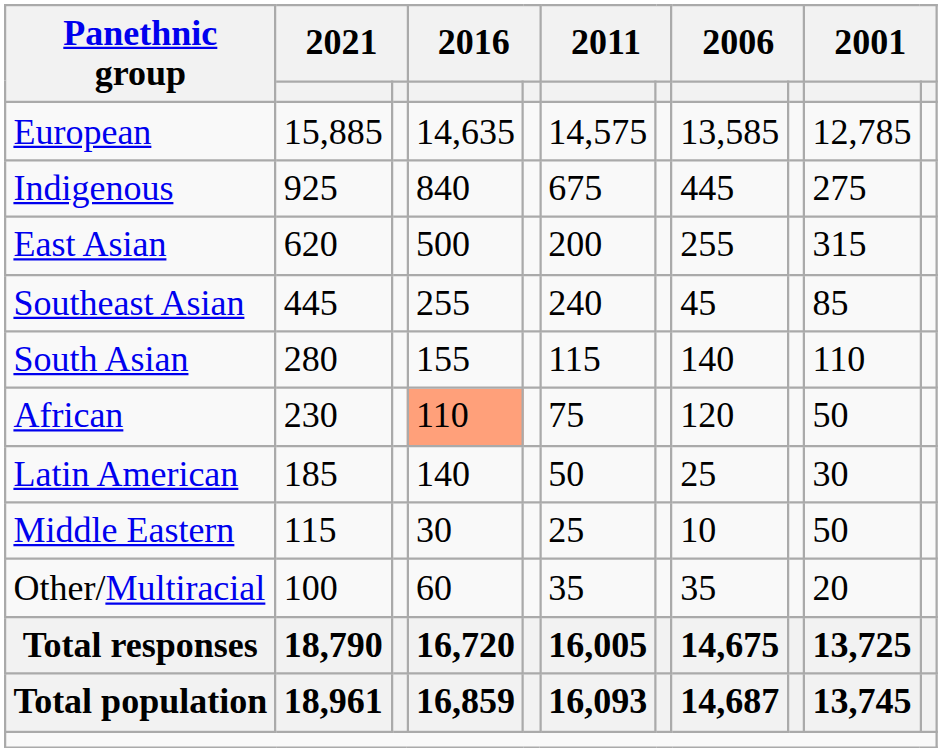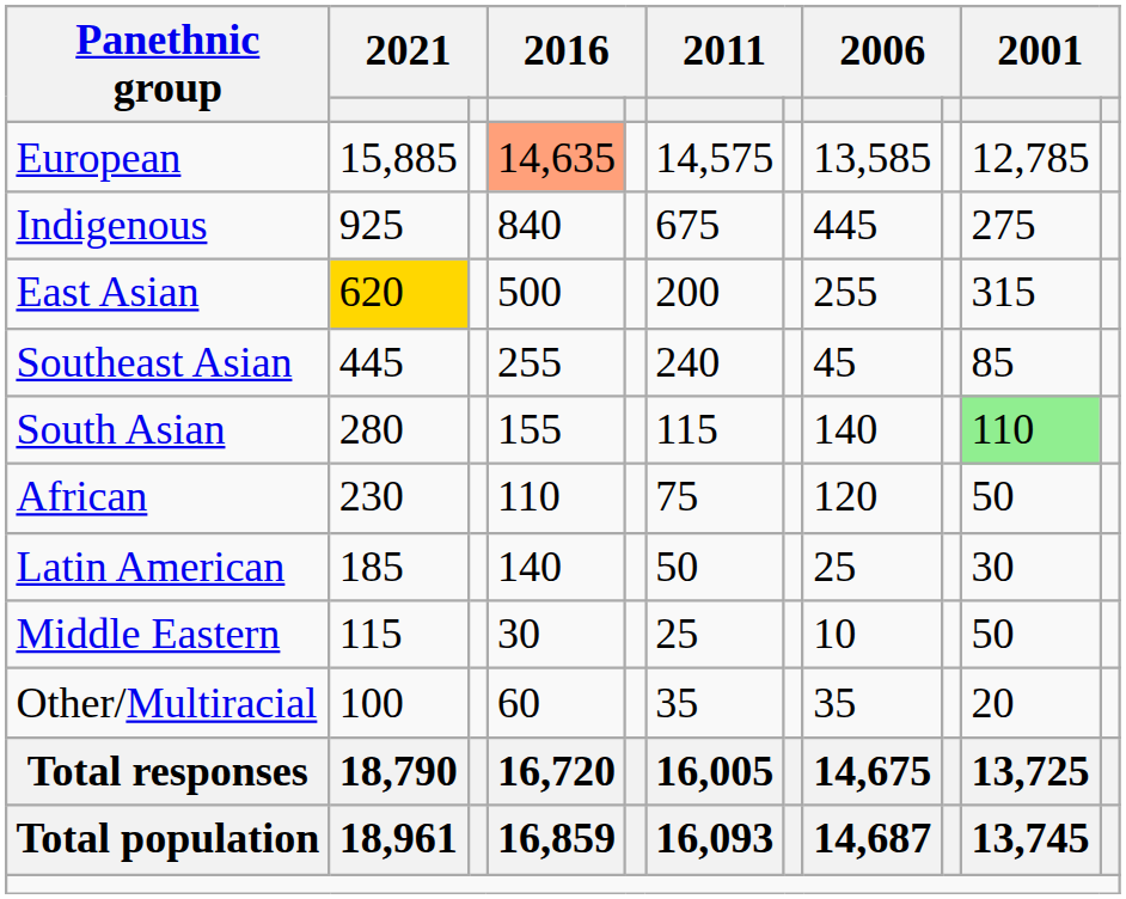 <table class="wikitable collapsible sortable">
 <tr>
 <th rowspan="2"><a href='#'>Panethnic</a><br>group</th>
 <th colspan="2">2021</th>
 <th colspan="2">2016</th>
 <th colspan="2">2011</th>
 <th colspan="2">2006</th>
 <th colspan="2">2001</th>
 </tr>
 <tr>
 <th><a href='#'></a></th>
 <th></th>
 <th></th>
 <th></th>
 <th></th>
 <th></th>
 <th></th>
 <th></th>
 <th></th>
 <th></th>
 </tr>
 <tr>
 <td><a href='#'>European</a></td>
 <td>15,885</td>
 <td></td>
-<td>14,635</td>
+<td style="background: lightsalmon;">14,635</td>
 <td></td>
 <td>14,575</td>
 <td></td>
 <td>13,585</td>
 <td></td>
 <td>12,785</td>
 <td></td>
 </tr>
 <tr>
 <td><a href='#'>Indigenous</a></td>
 <td>925</td>
 <td></td>
 <td>840</td>
 <td></td>
 <td>675</td>
 <td></td>
 <td>445</td>
 <td></td>
 <td>275</td>
 <td></td>
 </tr>
 <tr>
 <td><a href='#'>East Asian</a></td>
-<td>620</td>
+<td style="background: gold;">620</td>
 <td></td>
 <td>500</td>
 <td></td>
 <td>200</td>
 <td></td>
 <td>255</td>
 <td></td>
 <td>315</td>
 <td></td>
 </tr>
 <tr>
 <td><a href='#'>Southeast Asian</a></td>
 <td>445</td>
 <td></td>
 <td>255</td>
 <td></td>
 <td>240</td>
 <td></td>
 <td>45</td>
 <td></td>
 <td>85</td>
 <td></td>
 </tr>
 <tr>
 <td><a href='#'>South Asian</a></td>
 <td>280</td>
 <td></td>
 <td>155</td>
 <td></td>
 <td>115</td>
 <td></td>
 <td>140</td>
 <td></td>
-<td>110</td>
+<td style="background: lightgreen;">110</td>
 <td></td>
 </tr>
 <tr>
 <td><a href='#'>African</a></td>
 <td>230</td>
 <td></td>
-<td style="background: lightsalmon;">110</td>
+<td>110</td>
 <td></td>
 <td>75</td>
 <td></td>
 <td>120</td>
 <td></td>
 <td>50</td>
 <td></td>
 </tr>
 <tr>
 <td><a href='#'>Latin American</a></td>
 <td>185</td>
 <td></td>
 <td>140</td>
 <td></td>
 <td>50</td>
 <td></td>
 <td>25</td>
 <td></td>
 <td>30</td>
 <td></td>
 </tr>
 <tr>
 <td><a href='#'>Middle Eastern</a></td>
 <td>115</td>
 <td></td>
 <td>30</td>
 <td></td>
 <td>25</td>
 <td></td>
 <td>10</td>
 <td></td>
 <td>50</td>
 <td></td>
 </tr>
 <tr>
 <td>Other/<a href='#'>Multiracial</a></td>
 <td>100</td>
 <td></td>
 <td>60</td>
 <td></td>
 <td>35</td>
 <td></td>
 <td>35</td>
 <td></td>
 <td>20</td>
 <td></td>
 </tr>
 <tr>
 <th>Total responses</th>
 <th>18,790</th>
 <th></th>
 <th>16,720</th>
 <th></th>
 <th>16,005</th>
 <th></th>
 <th>14,675</th>
 <th></th>
 <th>13,725</th>
 <th></th>
 </tr>
 <tr>
 <th>Total population</th>
 <th>18,961</th>
 <th></th>
 <th>16,859</th>
 <th></th>
 <th>16,093</th>
 <th></th>
 <th>14,687</th>
 <th></th>
 <th>13,745</th>
 <th></th>
 </tr>
 <tr class="sortbottom">
 <td colspan="15"></td>
 </tr>
 </table>
